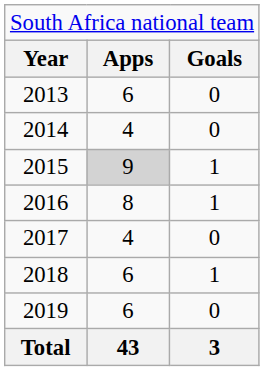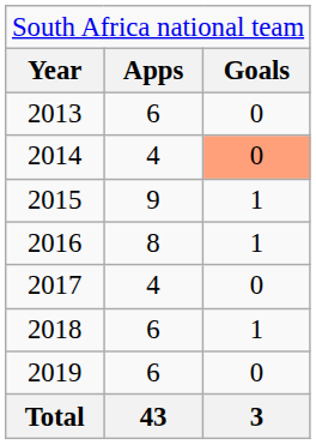 <table class="wikitable" style="text-align:center">
 <tr>
 <td colspan="3"><a href='#'>South Africa national team</a></td>
 </tr>
 <tr>
 <th>Year</th>
 <th>Apps</th>
 <th>Goals</th>
 </tr>
 <tr>
 <td>2013</td>
 <td>6</td>
 <td>0</td>
 </tr>
 <tr>
 <td>2014</td>
 <td>4</td>
-<td>0</td>
+<td style="background: lightsalmon;">0</td>
 </tr>
 <tr>
 <td>2015</td>
-<td style="background: lightgrey;">9</td>
+<td>9</td>
 <td>1</td>
 </tr>
 <tr>
 <td>2016</td>
 <td>8</td>
 <td>1</td>
 </tr>
 <tr>
 <td>2017</td>
 <td>4</td>
 <td>0</td>
 </tr>
 <tr>
 <td>2018</td>
 <td>6</td>
 <td>1</td>
 </tr>
 <tr>
 <td>2019</td>
 <td>6</td>
 <td>0</td>
 </tr>
 <tr>
 <th>Total</th>
 <th>43</th>
 <th>3</th>
 </tr>
 </table>
